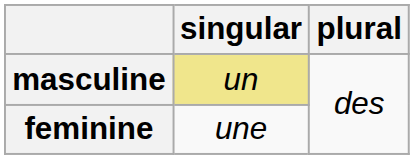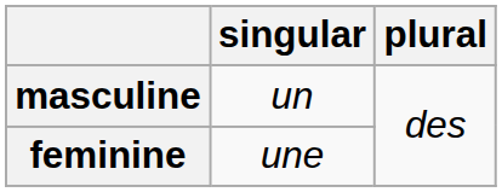 <table border="1" class="wikitable" style="text-align:center" cellspacing="0" cellpadding="3">
 <tr>
 <th> </th>
 <th>singular</th>
 <th>plural</th>
 </tr>
 <tr>
 <th>masculine</th>
-<td style="background: khaki;"><em>un</em></td>
+<td><em>un</em></td>
 <td rowspan="2" valign="center"><em>des</em></td>
 </tr>
 <tr>
 <th>feminine</th>
 <td><em>une</em></td>
 </tr>
 </table>
